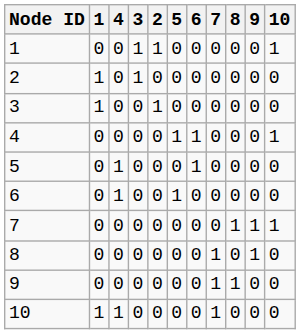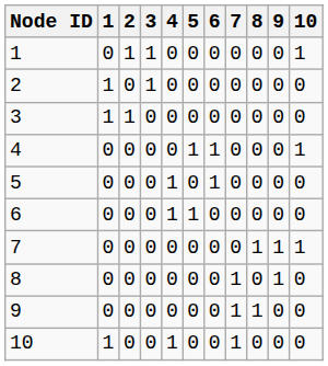 <table class="wikitable">
 <tr>
 <th>Node ID</th>
 <th>1</th>
+<th>2</th>
+<th>3</th>
 <th>4</th>
-<th>3</th>
-<th>2</th>
 <th>5</th>
 <th>6</th>
 <th>7</th>
 <th>8</th>
 <th>9</th>
 <th>10</th>
 </tr>
 <tr>
 <td>1</td>
 <td>0</td>
-<td>0</td>
 <td>1</td>
 <td>1</td>
+<td>0</td>
 <td>0</td>
 <td>0</td>
 <td>0</td>
 <td>0</td>
 <td>0</td>
 <td>1</td>
 </tr>
 <tr>
 <td>2</td>
 <td>1</td>
 <td>0</td>
 <td>1</td>
 <td>0</td>
 <td>0</td>
 <td>0</td>
 <td>0</td>
 <td>0</td>
 <td>0</td>
 <td>0</td>
 </tr>
 <tr>
 <td>3</td>
 <td>1</td>
+<td>1</td>
 <td>0</td>
 <td>0</td>
-<td>1</td>
 <td>0</td>
 <td>0</td>
 <td>0</td>
 <td>0</td>
 <td>0</td>
 <td>0</td>
 </tr>
 <tr>
 <td>4</td>
 <td>0</td>
 <td>0</td>
 <td>0</td>
 <td>0</td>
 <td>1</td>
 <td>1</td>
 <td>0</td>
 <td>0</td>
 <td>0</td>
 <td>1</td>
 </tr>
 <tr>
 <td>5</td>
 <td>0</td>
-<td>1</td>
 <td>0</td>
 <td>0</td>
+<td>1</td>
 <td>0</td>
 <td>1</td>
 <td>0</td>
 <td>0</td>
 <td>0</td>
 <td>0</td>
 </tr>
 <tr>
 <td>6</td>
 <td>0</td>
-<td>1</td>
 <td>0</td>
 <td>0</td>
+<td>1</td>
 <td>1</td>
 <td>0</td>
 <td>0</td>
 <td>0</td>
 <td>0</td>
 <td>0</td>
 </tr>
 <tr>
 <td>7</td>
 <td>0</td>
 <td>0</td>
 <td>0</td>
 <td>0</td>
 <td>0</td>
 <td>0</td>
 <td>0</td>
 <td>1</td>
 <td>1</td>
 <td>1</td>
 </tr>
 <tr>
 <td>8</td>
 <td>0</td>
 <td>0</td>
 <td>0</td>
 <td>0</td>
 <td>0</td>
 <td>0</td>
 <td>1</td>
 <td>0</td>
 <td>1</td>
 <td>0</td>
 </tr>
 <tr>
 <td>9</td>
 <td>0</td>
 <td>0</td>
 <td>0</td>
 <td>0</td>
 <td>0</td>
 <td>0</td>
 <td>1</td>
 <td>1</td>
 <td>0</td>
 <td>0</td>
 </tr>
 <tr>
 <td>10</td>
 <td>1</td>
-<td>1</td>
 <td>0</td>
 <td>0</td>
+<td>1</td>
 <td>0</td>
 <td>0</td>
 <td>1</td>
 <td>0</td>
 <td>0</td>
 <td>0</td>
 </tr>
 </table>
